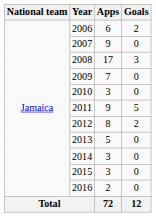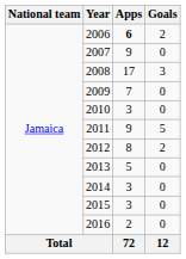 <table class=wikitable style="text-align: center">
 <tr>
 <th>National team</th>
 <th>Year</th>
 <th>Apps</th>
 <th>Goals</th>
 </tr>
 <tr>
 <td rowspan=11><a href='#'>Jamaica</a></td>
 <td>2006</td>
-<td>6</td>
+<td><strong>6</strong></td>
 <td>2</td>
 </tr>
 <tr>
 <td>2007</td>
 <td>9</td>
 <td>0</td>
 </tr>
 <tr>
 <td>2008</td>
 <td>17</td>
 <td>3</td>
 </tr>
 <tr>
 <td>2009</td>
 <td>7</td>
 <td>0</td>
 </tr>
 <tr>
 <td>2010</td>
 <td>3</td>
 <td>0</td>
 </tr>
 <tr>
 <td>2011</td>
 <td>9</td>
 <td>5</td>
 </tr>
 <tr>
 <td>2012</td>
 <td>8</td>
 <td>2</td>
 </tr>
 <tr>
 <td>2013</td>
 <td>5</td>
 <td>0</td>
 </tr>
 <tr>
 <td>2014</td>
 <td>3</td>
 <td>0</td>
 </tr>
 <tr>
 <td>2015</td>
 <td>3</td>
 <td>0</td>
 </tr>
 <tr>
 <td>2016</td>
 <td>2</td>
 <td>0</td>
 </tr>
 <tr>
 <th colspan=2>Total</th>
 <th>72</th>
 <th>12</th>
 </tr>
 </table>
